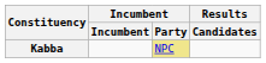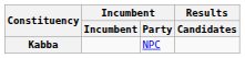 <table class="wikitable sortable">
 <tr>
 <th rowspan="2">Constituency</th>
 <th colspan="2">Incumbent</th>
 <th>Results</th>
 </tr>
 <tr valign="bottom">
 <th>Incumbent</th>
 <th>Party</th>
 <th>Candidates</th>
 </tr>
 <tr>
 <th>Kabba</th>
 <td></td>
-<td style="background: khaki;"><a href='#'>NPC</a></td>
+<td><a href='#'>NPC</a></td>
 <td nowrap=""></td>
 </tr>
 </table>
